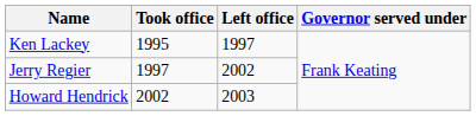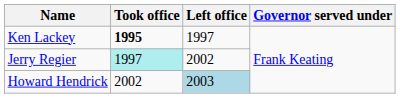 <table class="wikitable">
 <tr>
 <th>Name</th>
 <th>Took office</th>
 <th>Left office</th>
 <th><a href='#'>Governor</a> served under</th>
 </tr>
 <tr>
 <td><a href='#'>Ken Lackey</a></td>
-<td>1995</td>
+<td><strong>1995</strong></td>
 <td>1997</td>
 <td rowspan=3 ><a href='#'>Frank Keating</a></td>
 </tr>
 <tr>
 <td><a href='#'>Jerry Regier</a></td>
-<td>1997</td>
+<td style="background: paleturquoise;">1997</td>
 <td>2002</td>
 </tr>
 <tr>
 <td><a href='#'>Howard Hendrick</a></td>
 <td>2002</td>
-<td>2003</td>
+<td style="background: lightblue;">2003</td>
 </tr>
 </table>
